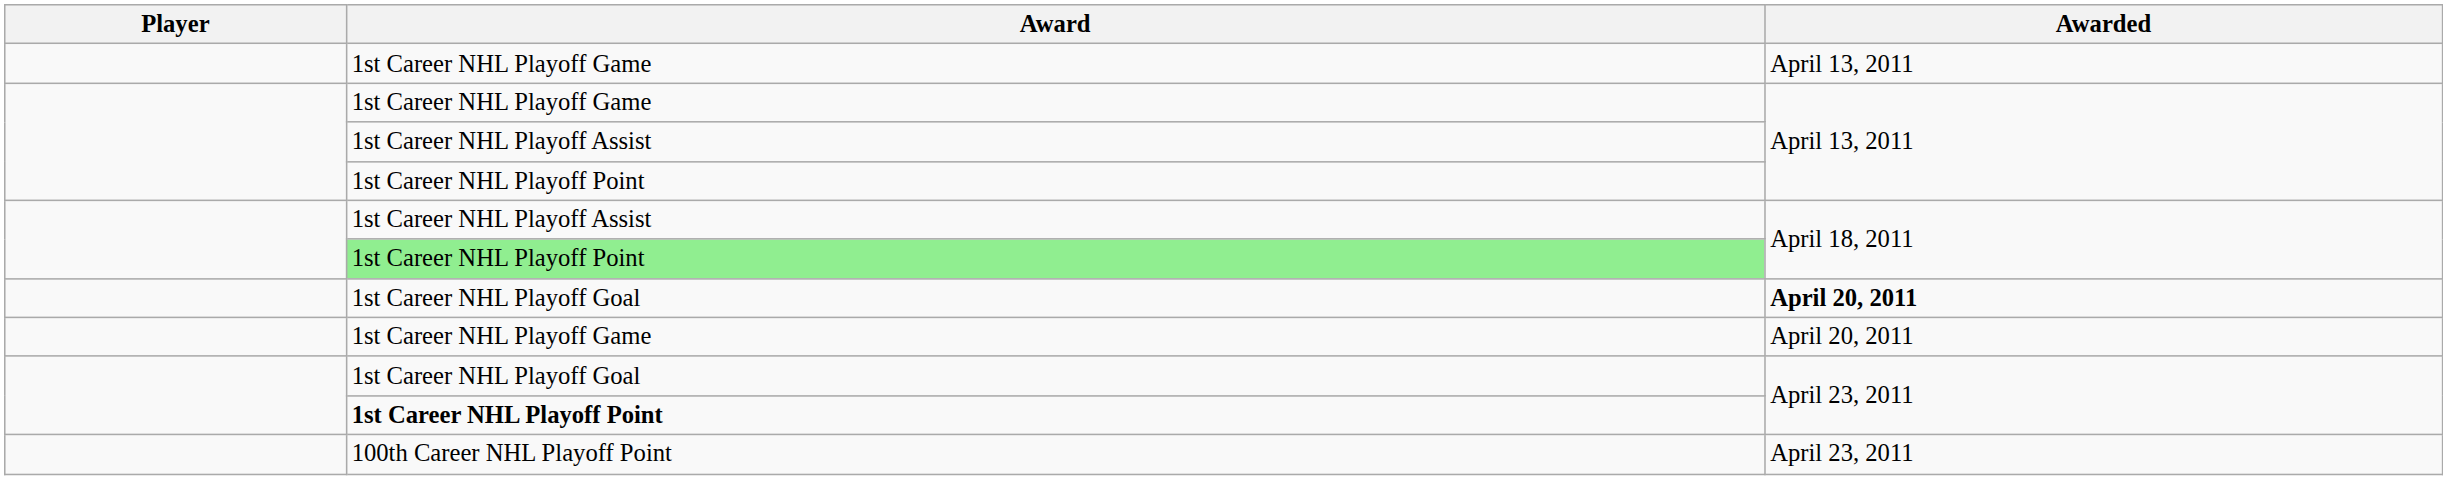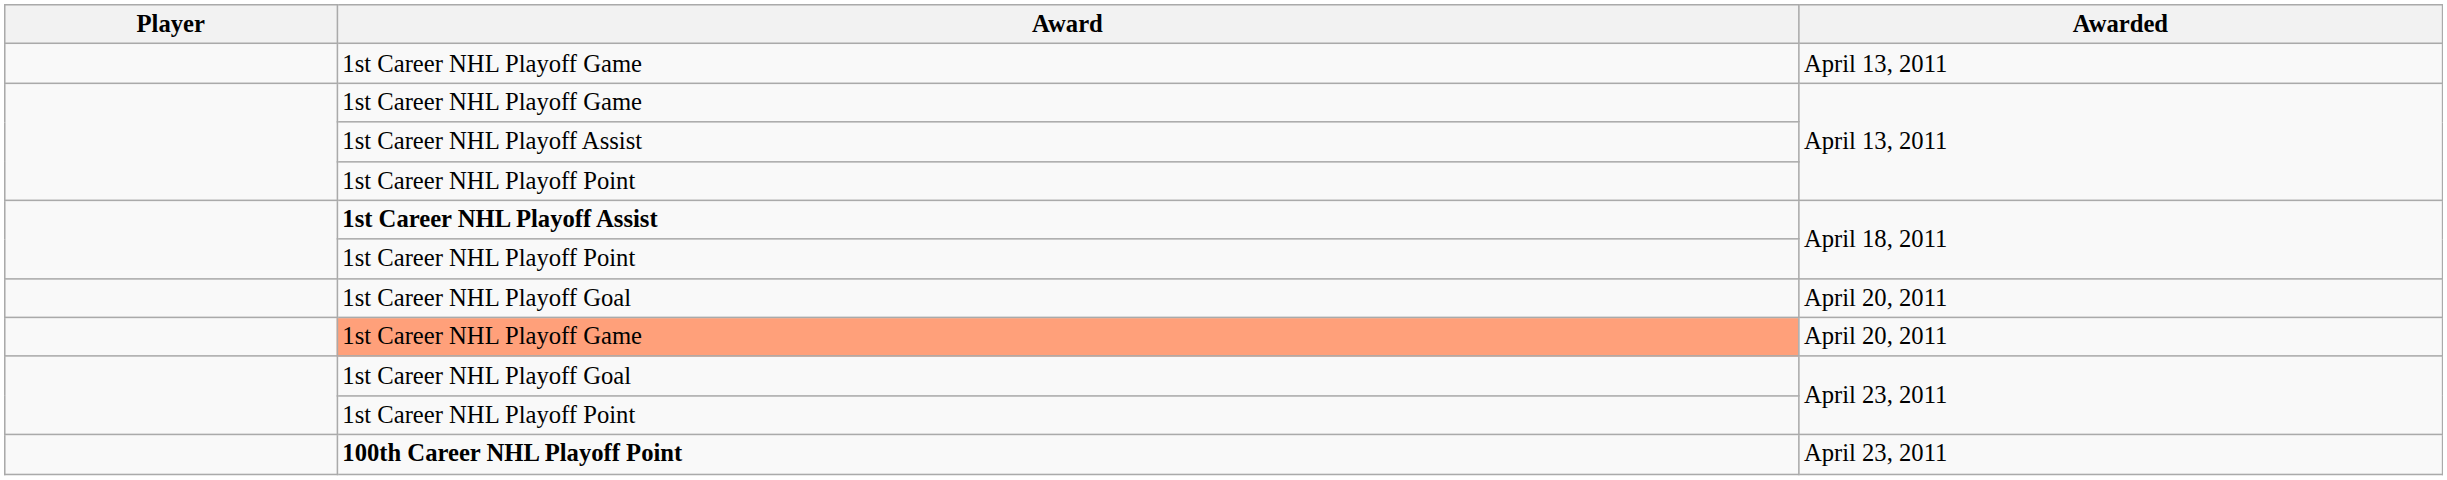 <table class="wikitable sortable" style="width:100%;">
 <tr align=center>
 <th>Player</th>
 <th>Award</th>
 <th>Awarded</th>
 </tr>
 <tr>
 <td></td>
 <td>1st Career NHL Playoff Game</td>
 <td>April 13, 2011</td>
 </tr>
 <tr>
 <td rowspan=3></td>
 <td>1st Career NHL Playoff Game</td>
 <td rowspan=3>April 13, 2011</td>
 </tr>
 <tr>
 <td>1st Career NHL Playoff Assist</td>
 </tr>
 <tr>
 <td>1st Career NHL Playoff Point</td>
 </tr>
 <tr>
 <td rowspan=2></td>
-<td>1st Career NHL Playoff Assist</td>
+<td><strong>1st Career NHL Playoff Assist</strong></td>
 <td rowspan=2>April 18, 2011</td>
 </tr>
 <tr>
-<td style="background: lightgreen;">1st Career NHL Playoff Point</td>
+<td>1st Career NHL Playoff Point</td>
 </tr>
 <tr>
 <td></td>
 <td>1st Career NHL Playoff Goal</td>
-<td><strong>April 20, 2011</strong></td>
+<td>April 20, 2011</td>
 </tr>
 <tr>
 <td></td>
-<td>1st Career NHL Playoff Game</td>
+<td style="background: lightsalmon;">1st Career NHL Playoff Game</td>
 <td>April 20, 2011</td>
 </tr>
 <tr>
 <td rowspan=2></td>
 <td>1st Career NHL Playoff Goal</td>
 <td rowspan=2>April 23, 2011</td>
 </tr>
 <tr>
-<td><strong>1st Career NHL Playoff Point</strong></td>
+<td>1st Career NHL Playoff Point</td>
 </tr>
 <tr>
 <td></td>
-<td>100th Career NHL Playoff Point</td>
+<td><strong>100th Career NHL Playoff Point</strong></td>
 <td>April 23, 2011</td>
 </tr>
 </table>
